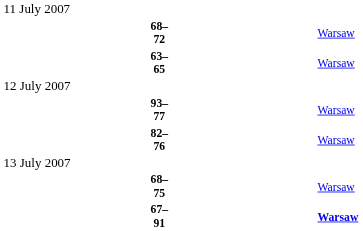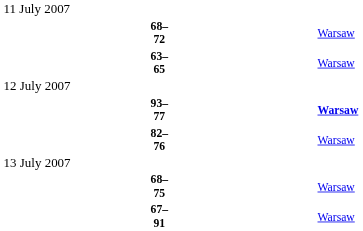 <table style="width:100%;" cellspacing="1">
 <tr>
 <th width=25%></th>
 <th width=3%></th>
 <th width=6%></th>
 <th width=3%></th>
 <th width=25%></th>
 </tr>
 <tr>
 <td>11 July 2007</td>
 </tr>
 <tr style=font-size:90%>
 <td align=right><strong></strong></td>
 <td></td>
 <td align=center><strong>68–72</strong></td>
 <td></td>
 <td><strong></strong></td>
 <td><a href='#'>Warsaw</a></td>
 </tr>
 <tr style=font-size:90%>
 <td align=right><strong></strong></td>
 <td></td>
 <td align=center><strong>63–65</strong></td>
 <td></td>
 <td><strong></strong></td>
 <td><a href='#'>Warsaw</a></td>
 </tr>
 <tr>
 <td>12 July 2007</td>
 </tr>
 <tr style=font-size:90%>
 <td align=right><strong></strong></td>
 <td></td>
 <td align=center><strong>93–77</strong></td>
 <td></td>
 <td><strong></strong></td>
-<td><a href='#'>Warsaw</a></td>
+<td><strong><a href='#'>Warsaw</a></strong></td>
 </tr>
 <tr style=font-size:90%>
 <td align=right><strong></strong></td>
 <td></td>
 <td align=center><strong>82–76</strong></td>
 <td></td>
 <td><strong></strong></td>
 <td><a href='#'>Warsaw</a></td>
 </tr>
 <tr>
 <td>13 July 2007</td>
 </tr>
 <tr style=font-size:90%>
 <td align=right><strong></strong></td>
 <td></td>
 <td align=center><strong>68–75</strong></td>
 <td></td>
 <td><strong></strong></td>
 <td><a href='#'>Warsaw</a></td>
 </tr>
 <tr style=font-size:90%>
 <td align=right><strong></strong></td>
 <td></td>
 <td align=center><strong>67–91</strong></td>
 <td></td>
 <td><strong></strong></td>
-<td><strong><a href='#'>Warsaw</a></strong></td>
+<td><a href='#'>Warsaw</a></td>
 </tr>
 </table>
